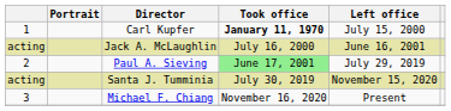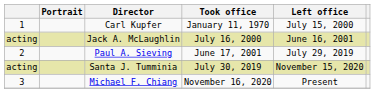 <table class=wikitable style="text-align:center">
 <tr>
 <th></th>
 <th>Portrait</th>
 <th>Director</th>
 <th>Took office</th>
 <th>Left office</th>
 <th></th>
 </tr>
 <tr>
 <td>1</td>
 <td></td>
 <td>Carl Kupfer</td>
-<td><strong>January 11, 1970</strong></td>
+<td>January 11, 1970</td>
 <td>July 15, 2000</td>
 <td></td>
 </tr>
 <tr bgcolor="#e6e6aa">
 <td>acting</td>
 <td></td>
 <td>Jack A. McLaughlin</td>
 <td>July 16, 2000</td>
 <td>June 16, 2001</td>
 <td></td>
 </tr>
 <tr>
 <td>2</td>
 <td></td>
 <td><a href='#'>Paul A. Sieving</a></td>
-<td style="background: lightgreen;">June 17, 2001</td>
+<td>June 17, 2001</td>
 <td>July 29, 2019</td>
 <td></td>
 </tr>
 <tr bgcolor="#e6e6aa">
 <td>acting</td>
 <td></td>
 <td>Santa J. Tumminia</td>
 <td>July 30, 2019</td>
 <td>November 15, 2020</td>
 <td></td>
 </tr>
 <tr>
 <td>3</td>
 <td></td>
 <td><a href='#'>Michael F. Chiang</a></td>
 <td>November 16, 2020</td>
 <td>Present</td>
 <td></td>
 </tr>
 <tr>
 </tr>
 </table>
